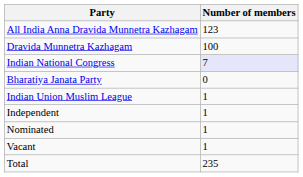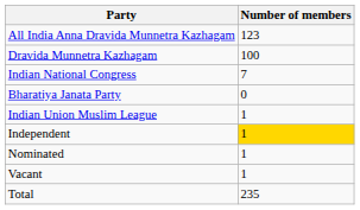 <table class="wikitable">
 <tr>
 <th>Party</th>
 <th>Number of members</th>
 </tr>
 <tr>
 <td><a href='#'>All India Anna Dravida Munnetra Kazhagam</a></td>
 <td>123</td>
 </tr>
 <tr>
 <td><a href='#'>Dravida Munnetra Kazhagam</a></td>
 <td>100</td>
 </tr>
 <tr>
 <td><a href='#'>Indian National Congress</a></td>
-<td style="background: lavender;">7</td>
+<td>7</td>
 </tr>
 <tr>
 <td><a href='#'>Bharatiya Janata Party</a></td>
 <td>0</td>
 </tr>
 <tr>
 <td><a href='#'>Indian Union Muslim League</a></td>
 <td>1</td>
 </tr>
 <tr>
 <td>Independent</td>
-<td>1</td>
+<td style="background: gold;">1</td>
 </tr>
 <tr>
 <td>Nominated</td>
 <td>1</td>
 </tr>
 <tr>
 <td>Vacant</td>
 <td>1</td>
 </tr>
 <tr>
 <td>Total</td>
 <td>235</td>
 </tr>
 </table>
